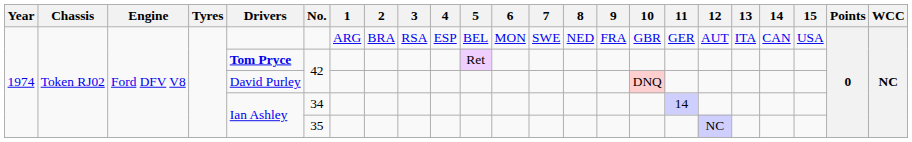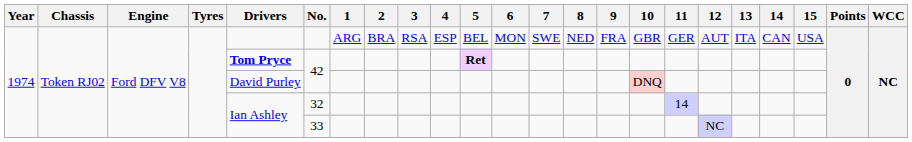 <table class="wikitable" style="text-align:center; font-size:90%">
 <tr>
 <th>Year</th>
 <th>Chassis</th>
 <th>Engine</th>
 <th>Tyres</th>
 <th>Drivers</th>
 <th>No.</th>
 <th>1</th>
 <th>2</th>
 <th>3</th>
 <th>4</th>
 <th>5</th>
 <th>6</th>
 <th>7</th>
 <th>8</th>
 <th>9</th>
 <th>10</th>
 <th>11</th>
 <th>12</th>
 <th>13</th>
 <th>14</th>
 <th>15</th>
 <th>Points</th>
 <th>WCC</th>
 </tr>
 <tr>
 <td rowspan="5"><a href='#'>1974</a></td>
 <td rowspan="5"><a href='#'>Token RJ02</a></td>
 <td rowspan="5"><a href='#'>Ford</a> <a href='#'>DFV</a> <a href='#'>V8</a></td>
 <td rowspan="5"></td>
 <td></td>
 <td></td>
 <td><a href='#'>ARG</a></td>
 <td><a href='#'>BRA</a></td>
 <td><a href='#'>RSA</a></td>
 <td><a href='#'>ESP</a></td>
 <td><a href='#'>BEL</a></td>
 <td><a href='#'>MON</a></td>
 <td><a href='#'>SWE</a></td>
 <td><a href='#'>NED</a></td>
 <td><a href='#'>FRA</a></td>
 <td><a href='#'>GBR</a></td>
 <td><a href='#'>GER</a></td>
 <td><a href='#'>AUT</a></td>
 <td><a href='#'>ITA</a></td>
 <td><a href='#'>CAN</a></td>
 <td><a href='#'>USA</a></td>
 <th rowspan="5">0</th>
 <th rowspan="5">NC</th>
 </tr>
 <tr>
 <td align="left"><strong> <a href='#'>Tom Pryce</a></strong></td>
 <td rowspan="2">42</td>
 <td></td>
 <td></td>
 <td></td>
 <td></td>
-<td style="background:#EFCFFF;">Ret</td>
+<td style="background:#EFCFFF;"><strong>Ret</strong></td>
 <td></td>
 <td></td>
 <td></td>
 <td></td>
 <td></td>
 <td></td>
 <td></td>
 <td></td>
 <td></td>
 <td></td>
 </tr>
 <tr>
 <td align="left"> <a href='#'>David Purley</a></td>
 <td></td>
 <td></td>
 <td></td>
 <td></td>
 <td></td>
 <td></td>
 <td></td>
 <td></td>
 <td></td>
 <td style="background:#FFCFCF;">DNQ</td>
 <td></td>
 <td></td>
 <td></td>
 <td></td>
 <td></td>
 </tr>
 <tr>
 <td rowspan="2" align="left"> <a href='#'>Ian Ashley</a></td>
-<td>34</td>
+<td>32</td>
 <td></td>
 <td></td>
 <td></td>
 <td></td>
 <td></td>
 <td></td>
 <td></td>
 <td></td>
 <td></td>
 <td></td>
 <td style="background:#CFCFFF;">14</td>
 <td></td>
 <td></td>
 <td></td>
 <td></td>
 </tr>
 <tr>
-<td>35</td>
+<td>33</td>
 <td></td>
 <td></td>
 <td></td>
 <td></td>
 <td></td>
 <td></td>
 <td></td>
 <td></td>
 <td></td>
 <td></td>
 <td></td>
 <td style="background:#CFCFFF;">NC</td>
 <td></td>
 <td></td>
 <td></td>
 </tr>
 </table>
